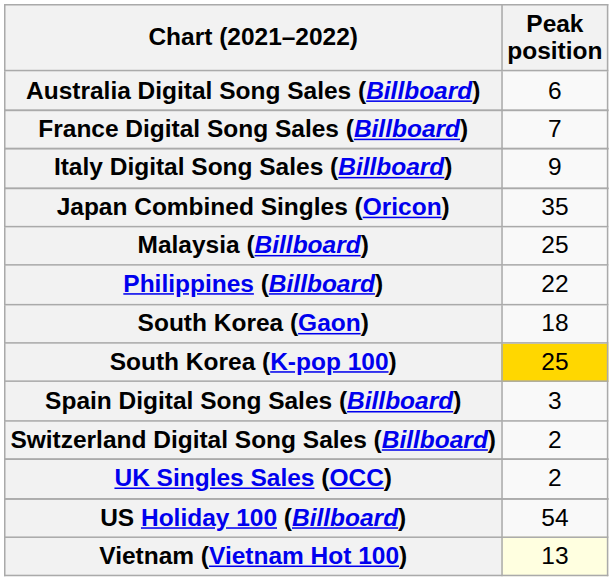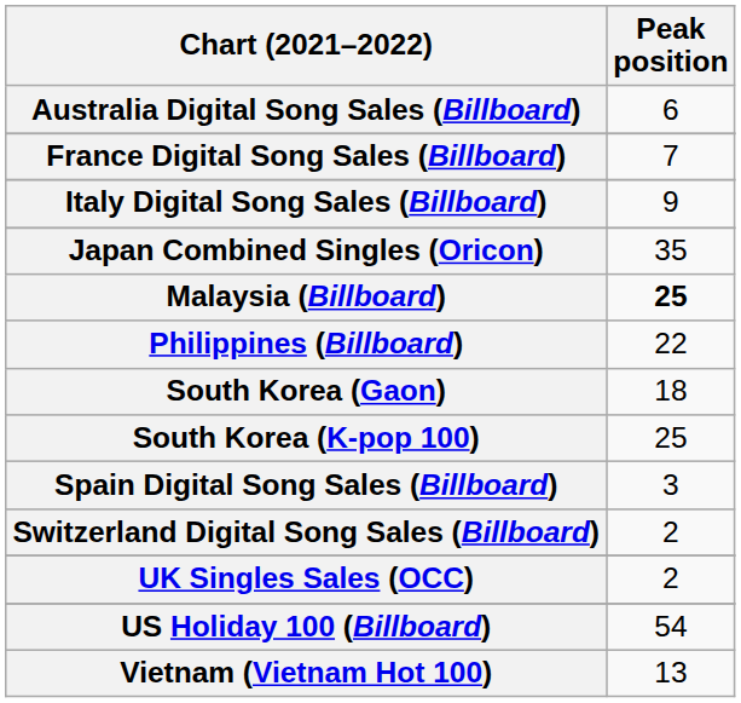 <table class="wikitable sortable plainrowheaders" style="text-align:center">
 <tr>
 <th scope="col">Chart (2021–2022)</th>
 <th scope="col">Peak<br>position</th>
 </tr>
 <tr>
 <th scope="row">Australia Digital Song Sales (<em><a href='#'>Billboard</a></em>)</th>
 <td>6</td>
 </tr>
 <tr>
 </tr>
 <tr>
 </tr>
 <tr>
 <th scope="row">France Digital Song Sales (<em><a href='#'>Billboard</a></em>)</th>
 <td>7</td>
 </tr>
 <tr>
 </tr>
 <tr>
 </tr>
 <tr>
 <th scope="row">Italy Digital Song Sales (<em><a href='#'>Billboard</a></em>)</th>
 <td>9</td>
 </tr>
 <tr>
 </tr>
 <tr>
 <th scope="row">Japan Combined Singles (<a href='#'>Oricon</a>)</th>
 <td>35</td>
 </tr>
 <tr>
 <th scope="row">Malaysia (<em><a href='#'>Billboard</a></em>)</th>
-<td>25</td>
+<td><strong>25</strong></td>
 </tr>
 <tr>
 <th scope="row"><a href='#'>Philippines</a> (<em><a href='#'>Billboard</a></em>)</th>
 <td>22</td>
 </tr>
 <tr>
 <th scope="row">South Korea (<a href='#'>Gaon</a>)</th>
 <td>18</td>
 </tr>
 <tr>
 <th scope="row">South Korea (<a href='#'>K-pop 100</a>)</th>
-<td style="background: gold;">25</td>
+<td>25</td>
 </tr>
 <tr>
 <th scope="row">Spain Digital Song Sales (<em><a href='#'>Billboard</a></em>)</th>
 <td>3</td>
 </tr>
 <tr>
 <th scope="row">Switzerland Digital Song Sales (<em><a href='#'>Billboard</a></em>)</th>
 <td>2</td>
 </tr>
 <tr>
 </tr>
 <tr>
 </tr>
 <tr>
 <th scope="row"><a href='#'>UK Singles Sales</a> (<a href='#'>OCC</a>)</th>
 <td>2</td>
 </tr>
 <tr>
 </tr>
 <tr>
 <th scope="row">US <a href='#'>Holiday 100</a> (<em><a href='#'>Billboard</a></em>)</th>
 <td>54</td>
 </tr>
 <tr>
 <th scope="row">Vietnam (<a href='#'>Vietnam Hot 100</a>)</th>
-<td style="background: lightyellow;">13</td>
+<td>13</td>
 </tr>
 </table>
